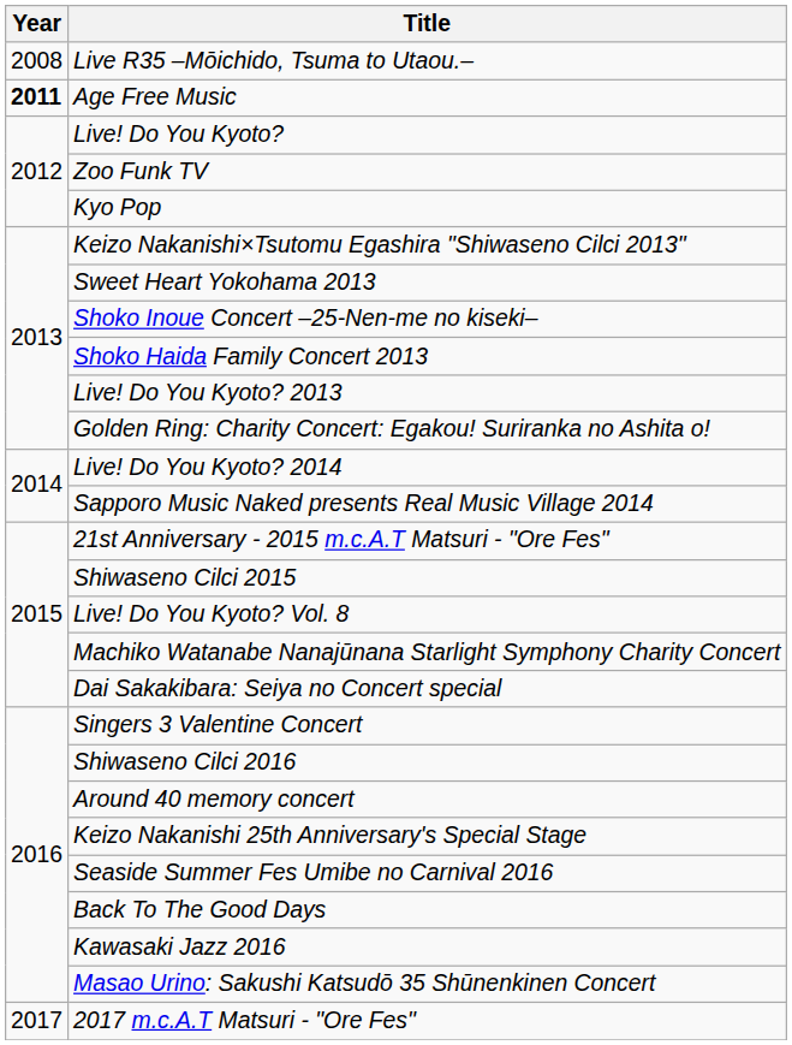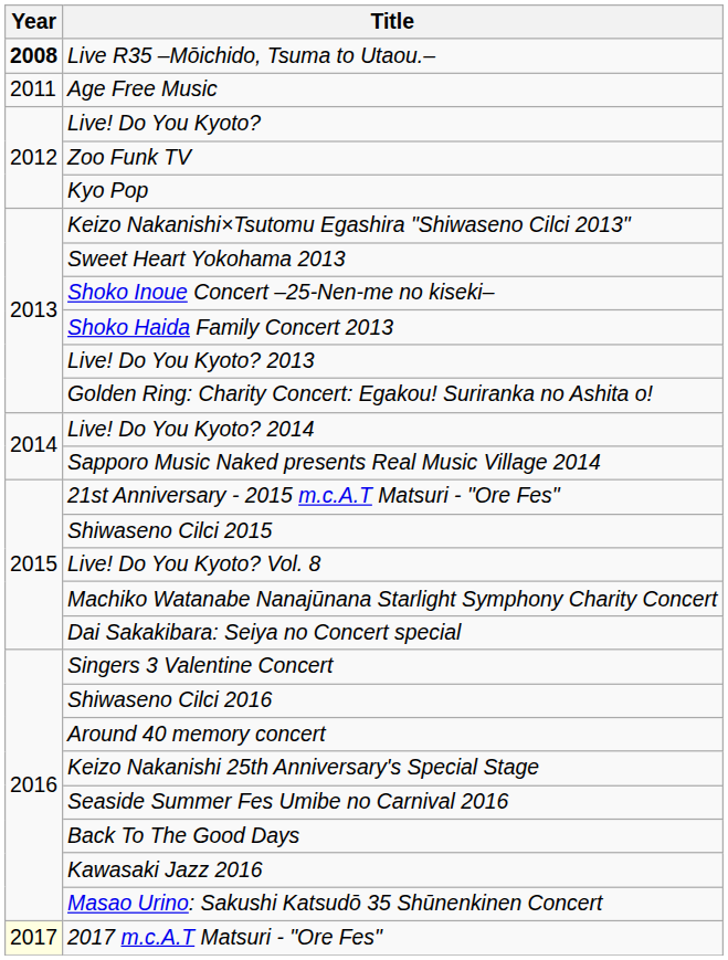 <table class="wikitable">
 <tr>
 <th>Year</th>
 <th>Title</th>
 </tr>
 <tr>
-<td>2008</td>
+<td><strong>2008</strong></td>
 <td><em>Live R35 –Mōichido, Tsuma to Utaou.–</em></td>
 </tr>
 <tr>
-<td><strong>2011</strong></td>
+<td>2011</td>
 <td><em>Age Free Music</em></td>
 </tr>
 <tr>
 <td rowspan="3">2012</td>
 <td><em>Live! Do You Kyoto?</em></td>
 </tr>
 <tr>
 <td><em>Zoo Funk TV</em></td>
 </tr>
 <tr>
 <td><em>Kyo Pop</em></td>
 </tr>
 <tr>
 <td rowspan="6">2013</td>
 <td><em>Keizo Nakanishi×Tsutomu Egashira "Shiwaseno Cilci 2013"</em></td>
 </tr>
 <tr>
 <td><em>Sweet Heart Yokohama 2013</em></td>
 </tr>
 <tr>
 <td><em><a href='#'>Shoko Inoue</a> Concert –25-Nen-me no kiseki–</em></td>
 </tr>
 <tr>
 <td><em><a href='#'>Shoko Haida</a> Family Concert 2013</em></td>
 </tr>
 <tr>
 <td><em>Live! Do You Kyoto? 2013</em></td>
 </tr>
 <tr>
 <td><em>Golden Ring: Charity Concert: Egakou! Suriranka no Ashita o!</em></td>
 </tr>
 <tr>
 <td rowspan="2">2014</td>
 <td><em>Live! Do You Kyoto? 2014</em></td>
 </tr>
 <tr>
 <td><em>Sapporo Music Naked presents Real Music Village 2014</em></td>
 </tr>
 <tr>
 <td rowspan="5">2015</td>
 <td><em>21st Anniversary - 2015 <a href='#'>m.c.A.T</a> Matsuri - "Ore Fes"</em></td>
 </tr>
 <tr>
 <td><em>Shiwaseno Cilci 2015</em></td>
 </tr>
 <tr>
 <td><em>Live! Do You Kyoto?  Vol. 8</em></td>
 </tr>
 <tr>
 <td><em>Machiko Watanabe Nanajūnana Starlight Symphony Charity Concert</em></td>
 </tr>
 <tr>
 <td><em>Dai Sakakibara: Seiya no Concert special</em></td>
 </tr>
 <tr>
 <td rowspan="8">2016</td>
 <td><em>Singers 3 Valentine Concert</em></td>
 </tr>
 <tr>
 <td><em>Shiwaseno Cilci 2016</em></td>
 </tr>
 <tr>
 <td><em>Around 40 memory concert</em></td>
 </tr>
 <tr>
 <td><em>Keizo Nakanishi 25th Anniversary's Special Stage</em></td>
 </tr>
 <tr>
 <td><em>Seaside Summer Fes Umibe no Carnival 2016</em></td>
 </tr>
 <tr>
 <td><em>Back To The Good Days</em></td>
 </tr>
 <tr>
 <td><em>Kawasaki Jazz 2016</em></td>
 </tr>
 <tr>
 <td><em><a href='#'>Masao Urino</a>: Sakushi Katsudō 35 Shūnenkinen Concert</em></td>
 </tr>
 <tr>
-<td>2017</td>
+<td style="background: lightyellow;">2017</td>
 <td><em>2017 <a href='#'>m.c.A.T</a> Matsuri - "Ore Fes"</em></td>
 </tr>
 </table>
